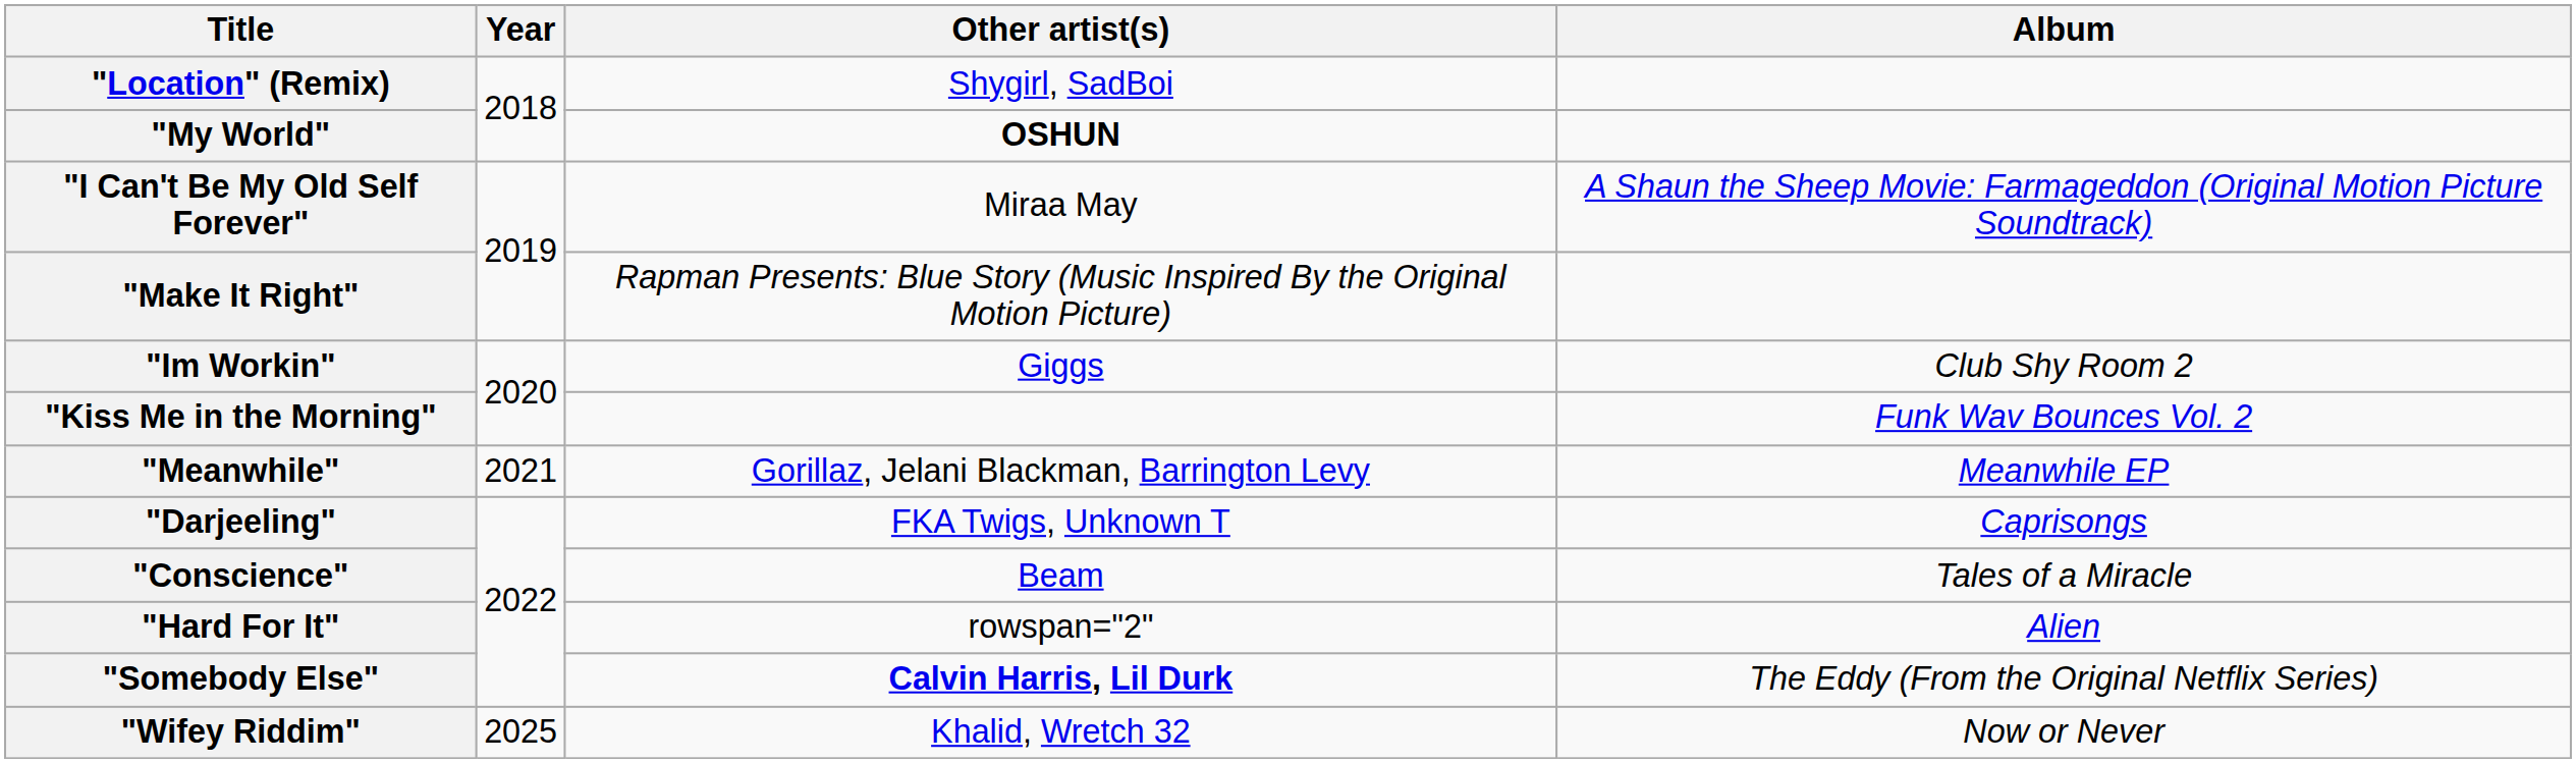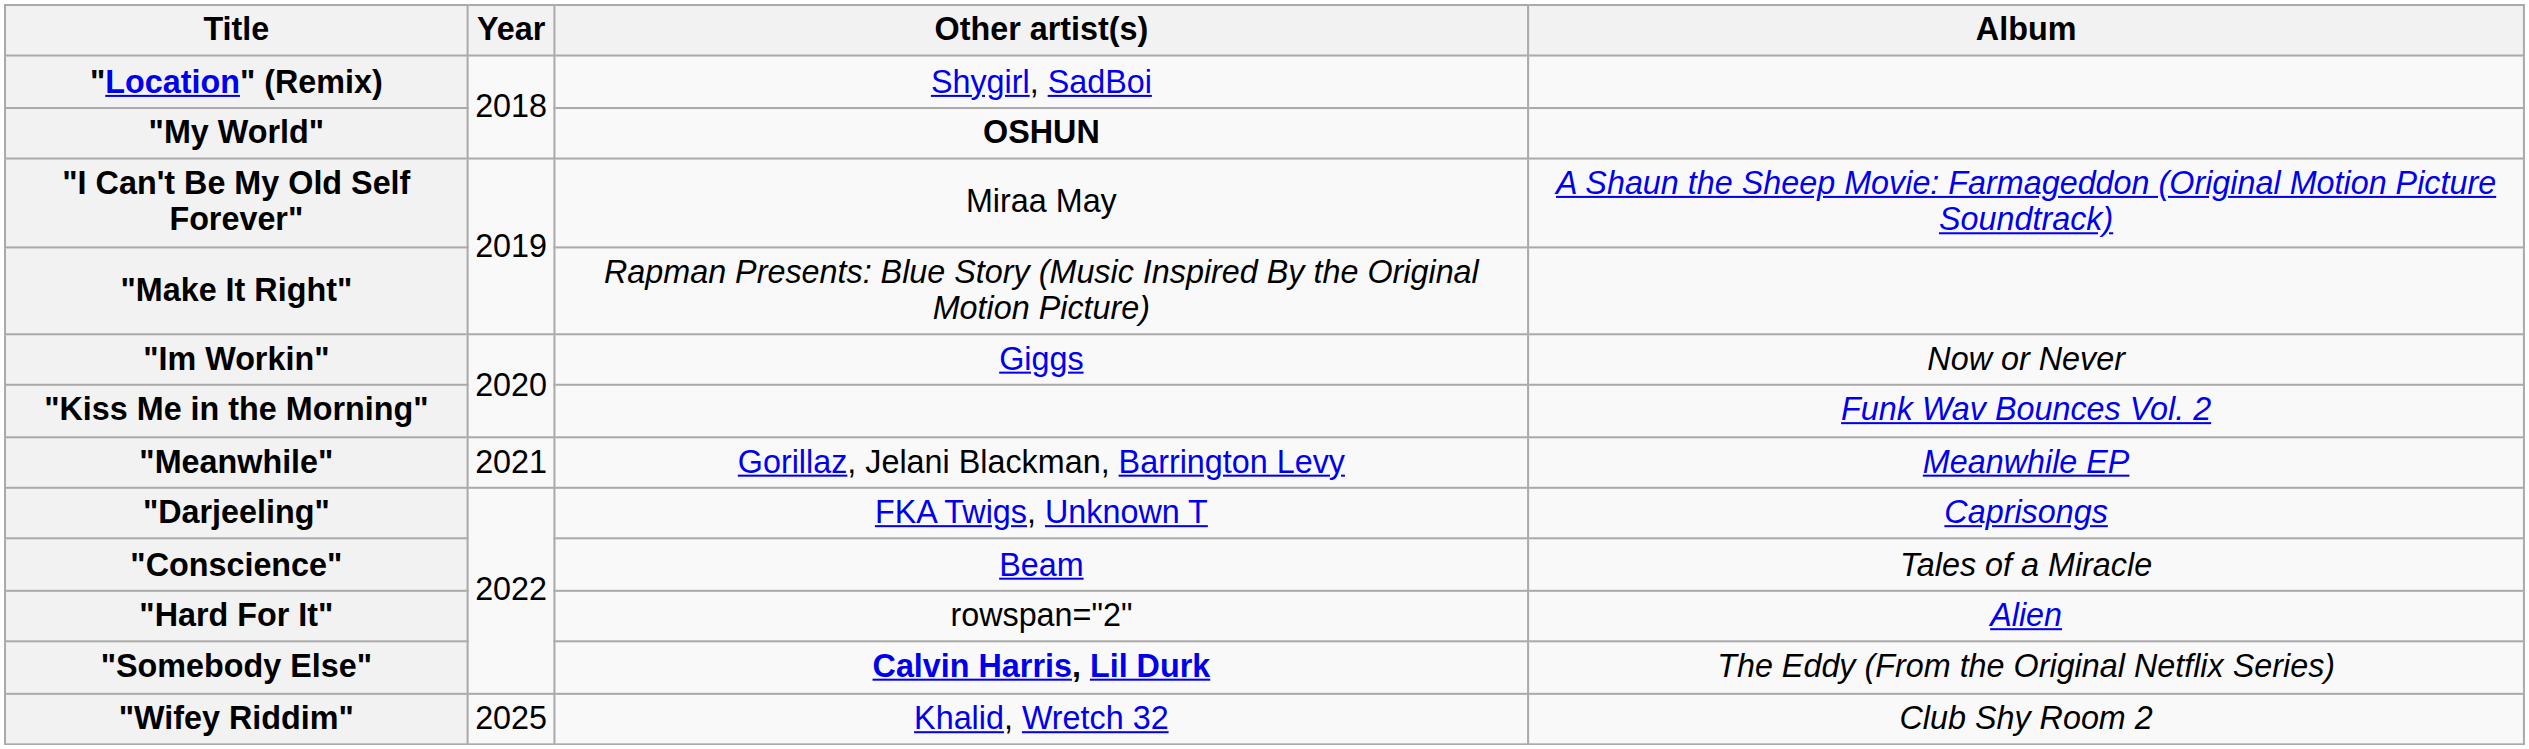 <table class="wikitable plainrowheaders" style="text-align:center;">
 <tr>
 <th scope="col">Title</th>
 <th scope="col">Year</th>
 <th scope="col">Other artist(s)</th>
 <th scope="col">Album</th>
 </tr>
 <tr>
 <th scope="row">"<a href='#'>Location</a>" (Remix)</th>
 <td rowspan="2">2018</td>
 <td><a href='#'>Shygirl</a>, <a href='#'>SadBoi</a></td>
 <td></td>
 </tr>
 <tr>
 <th scope="row">"My World"</th>
 <td><strong>OSHUN</strong></td>
 <td><em></em></td>
 </tr>
 <tr>
 <th scope="row">"I Can't Be My Old Self Forever"</th>
 <td rowspan="2">2019</td>
 <td>Miraa May</td>
 <td><em><a href='#'>A Shaun the Sheep Movie: Farmageddon (Original Motion Picture Soundtrack)</a></em></td>
 </tr>
 <tr>
 <th scope="row">"Make It Right"</th>
 <td><em>Rapman Presents: Blue Story (Music Inspired By the Original Motion Picture)</em></td>
 </tr>
 <tr>
 <th scope="row">"Im Workin"</th>
 <td rowspan="2">2020</td>
 <td><a href='#'>Giggs</a></td>
-<td><em>Club Shy Room 2</em></td>
+<td><em>Now or Never</em></td>
 </tr>
 <tr>
 <th scope="row">"Kiss Me in the Morning"</th>
 <td></td>
 <td><em><a href='#'>Funk Wav Bounces Vol. 2</a></em></td>
 </tr>
 <tr>
 <th scope="row">"Meanwhile"</th>
 <td>2021</td>
 <td><a href='#'>Gorillaz</a>, Jelani Blackman, <a href='#'>Barrington Levy</a></td>
 <td><em><a href='#'>Meanwhile EP</a></em></td>
 </tr>
 <tr>
 <th scope="row">"Darjeeling"</th>
 <td rowspan="4">2022</td>
 <td><a href='#'>FKA Twigs</a>, <a href='#'>Unknown T</a></td>
 <td><em><a href='#'>Caprisongs</a></em></td>
 </tr>
 <tr>
 <th scope="row">"Conscience"</th>
 <td><a href='#'>Beam</a></td>
 <td><em>Tales of a Miracle</em></td>
 </tr>
 <tr>
 <th scope="row">"Hard For It"</th>
 <td>rowspan="2" </td>
 <td><em><a href='#'>Alien</a></em></td>
 </tr>
 <tr>
 <th scope="row">"Somebody Else"</th>
 <td><strong><a href='#'>Calvin Harris</a>, <a href='#'>Lil Durk</a></strong></td>
 <td><em>The Eddy (From the Original Netflix Series)</em></td>
 </tr>
 <tr>
 <th scope="row">"Wifey Riddim"</th>
 <td>2025</td>
 <td><a href='#'>Khalid</a>, <a href='#'>Wretch 32</a></td>
-<td><em>Now or Never</em></td>
+<td><em>Club Shy Room 2</em></td>
 </tr>
 </table>
